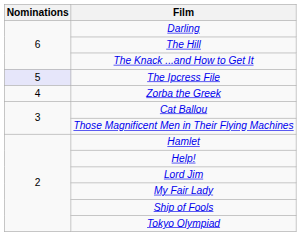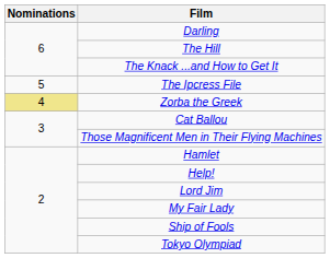 <table class="wikitable" style="text-align:center;">
 <tr>
 <th style="background:">Nominations</th>
 <th style="background:">Film</th>
 </tr>
 <tr>
 <td rowspan="3">6</td>
 <td><em><a href='#'>Darling</a></em></td>
 </tr>
 <tr>
 <td><em><a href='#'>The Hill</a></em></td>
 </tr>
 <tr>
 <td><em><a href='#'>The Knack ...and How to Get It</a></em></td>
 </tr>
 <tr>
-<td style="background: lavender;">5</td>
+<td>5</td>
 <td><em><a href='#'>The Ipcress File</a></em></td>
 </tr>
 <tr>
-<td>4</td>
+<td style="background: khaki;">4</td>
 <td><em><a href='#'>Zorba the Greek</a></em></td>
 </tr>
 <tr>
 <td rowspan="2">3</td>
 <td><em><a href='#'>Cat Ballou</a></em></td>
 </tr>
 <tr>
 <td><em><a href='#'>Those Magnificent Men in Their Flying Machines</a></em></td>
 </tr>
 <tr>
 <td rowspan="6">2</td>
 <td><em><a href='#'>Hamlet</a></em></td>
 </tr>
 <tr>
 <td><em><a href='#'>Help!</a></em></td>
 </tr>
 <tr>
 <td><em><a href='#'>Lord Jim</a></em></td>
 </tr>
 <tr>
 <td><em><a href='#'>My Fair Lady</a></em></td>
 </tr>
 <tr>
 <td><em><a href='#'>Ship of Fools</a></em></td>
 </tr>
 <tr>
 <td><em><a href='#'>Tokyo Olympiad</a></em></td>
 </tr>
 </table>
